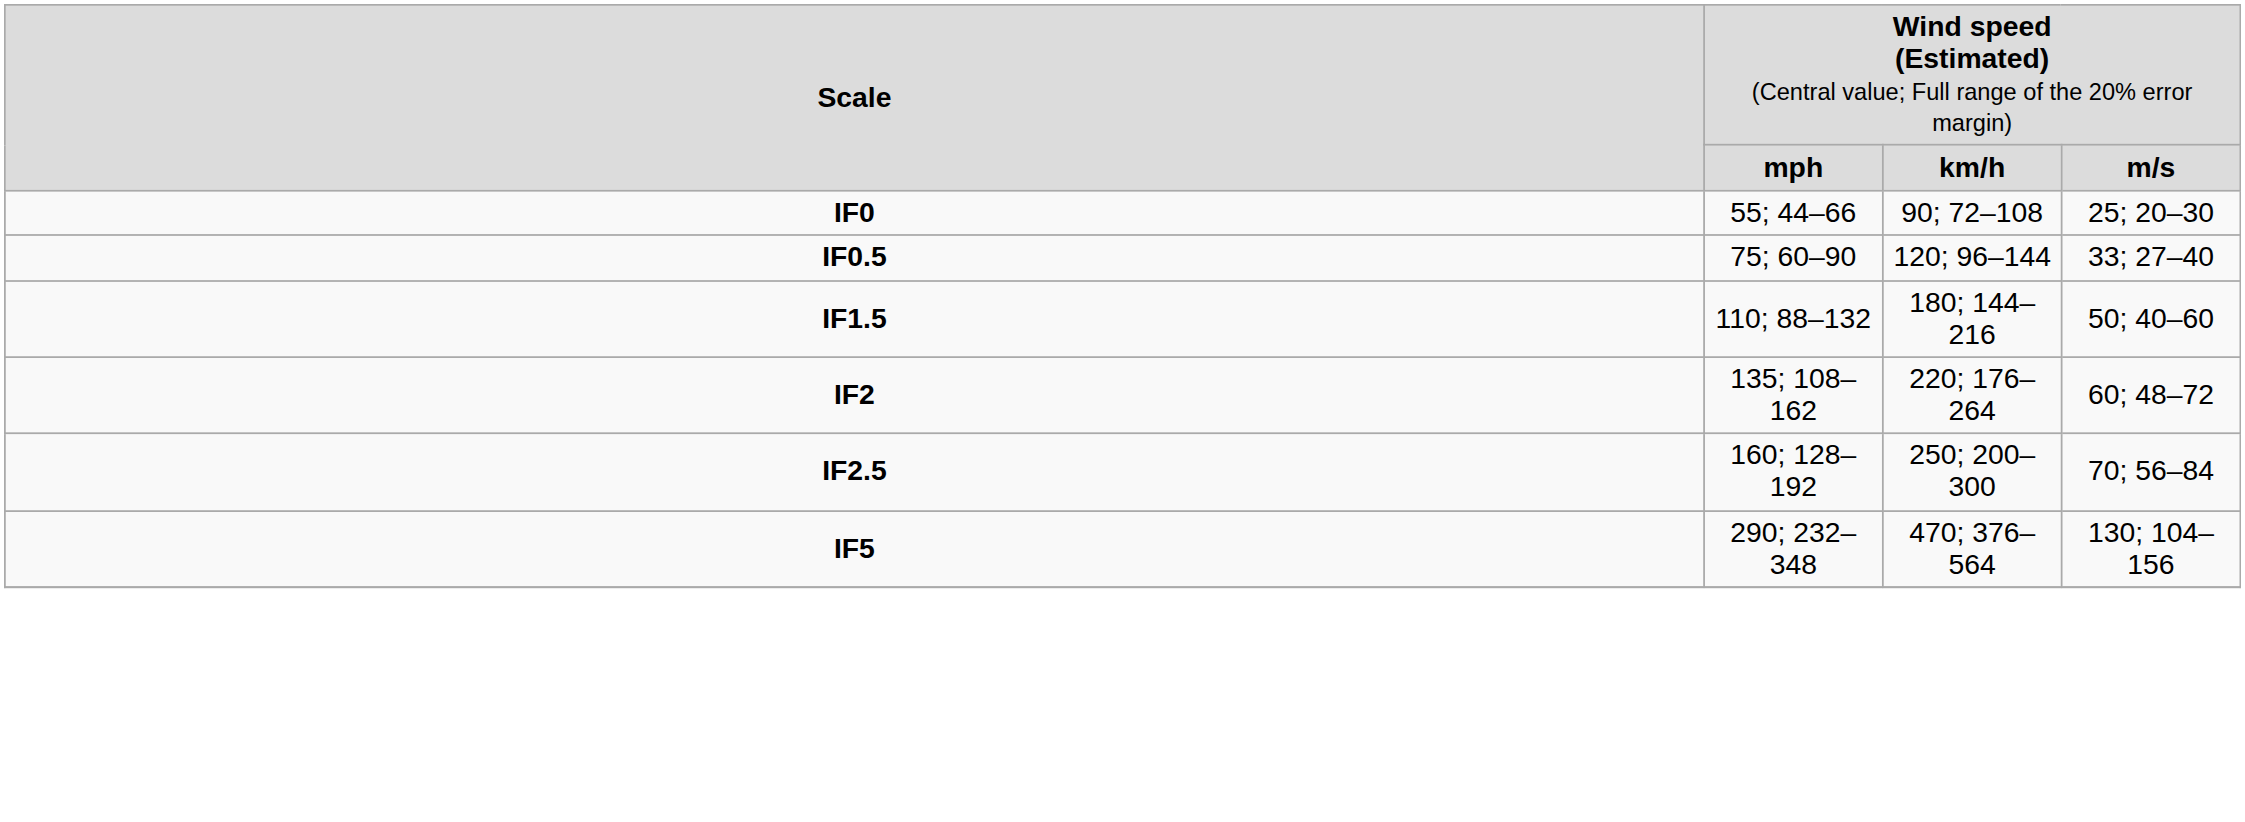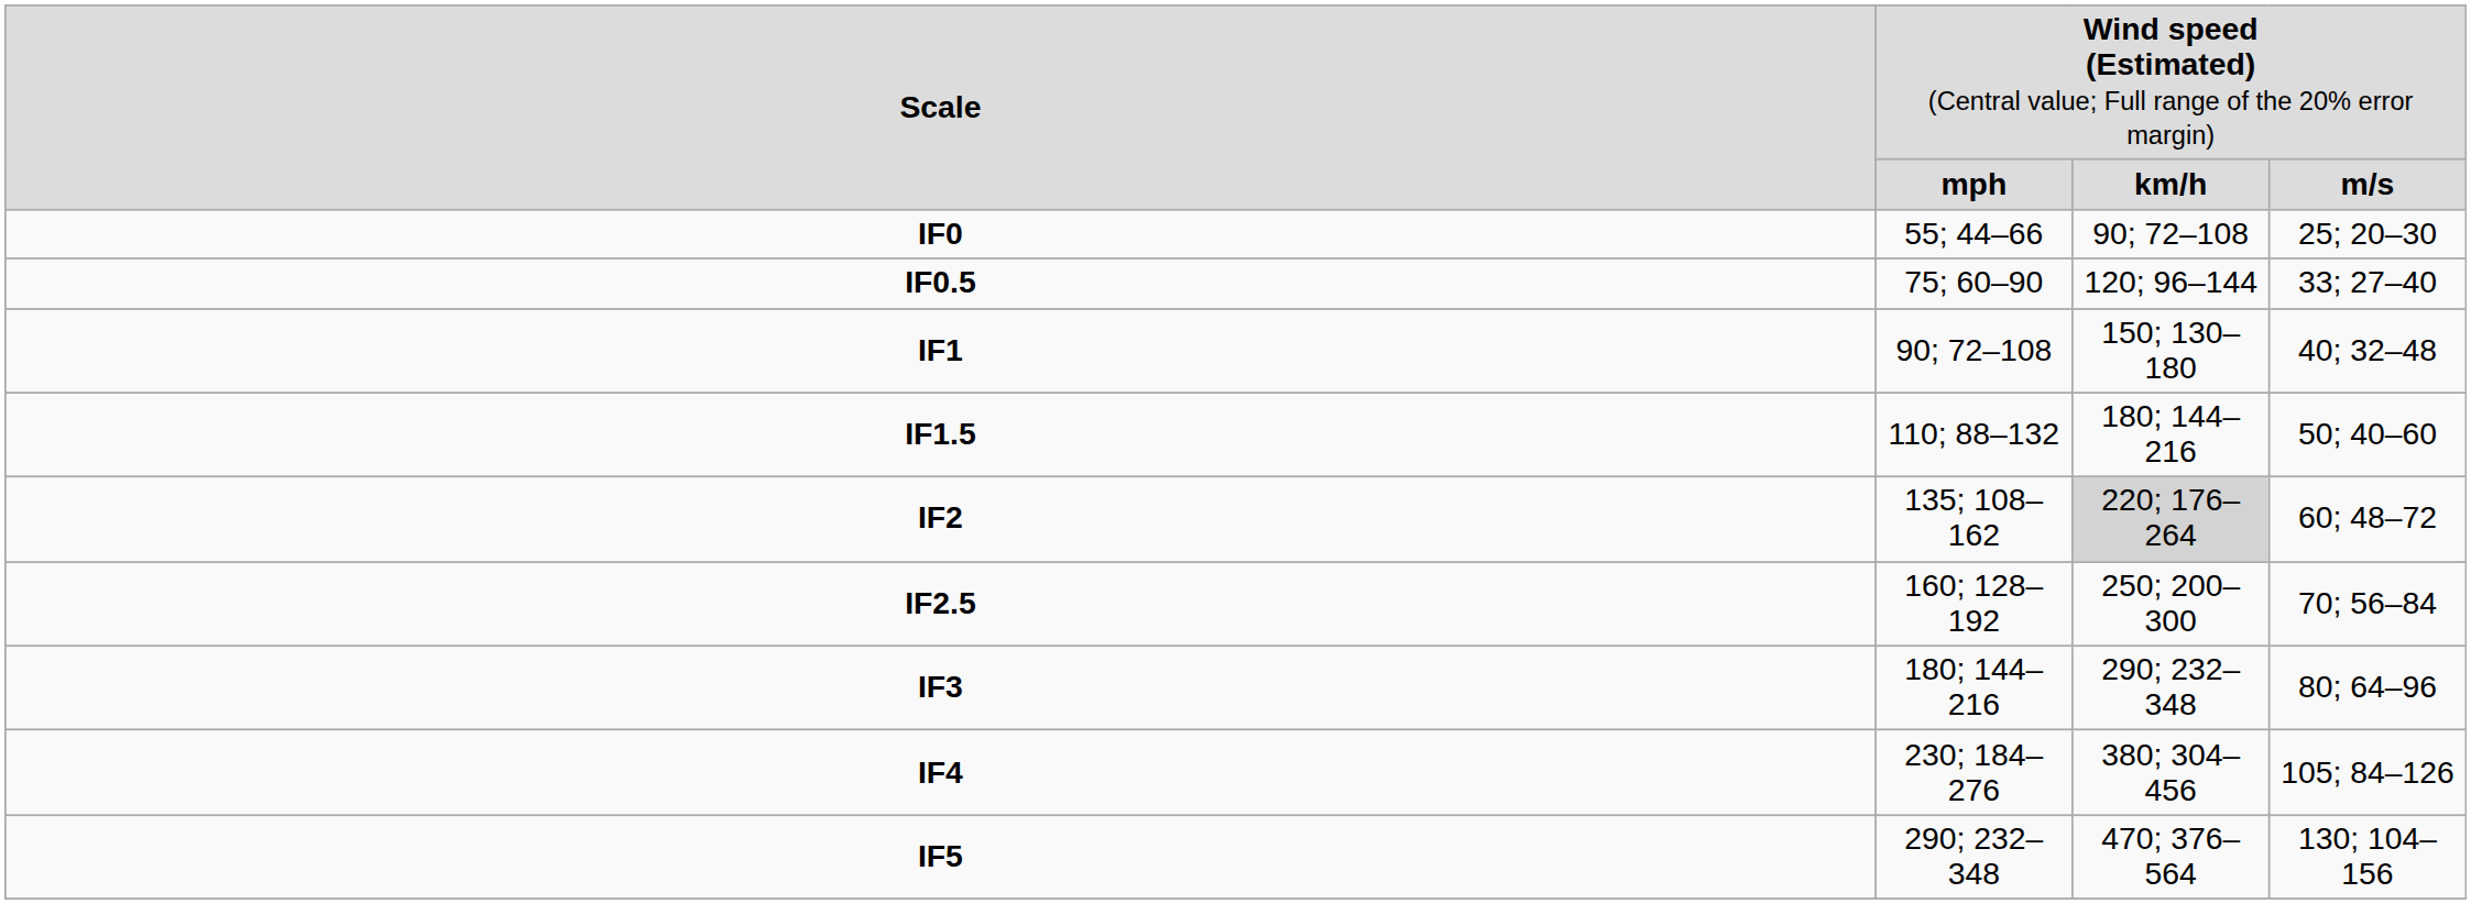 <table class="wikitable" width="100%">
 <tr style="text-align:center; background:gainsboro;">
 <td rowspan="2"><strong>Scale</strong></td>
 <td colspan="3"><strong>Wind speed</strong><br><strong>(Estimated)</strong><br><small>(Central value; Full range of the 20% error margin)</small></td>
 </tr>
 <tr style="text-align:center; background:gainsboro;">
 <td><strong>mph</strong></td>
 <td><strong>km/h</strong></td>
 <td><strong>m/s</strong></td>
 </tr>
 <tr>
 <td align="center"><strong>IF0</strong></td>
 <td style="text-align:center; width:8%;">55; 44–66</td>
 <td style="text-align:center; width:8%;">90; 72–108</td>
 <td style="text-align:center; width:8%;">25; 20–30</td>
 </tr>
 <tr>
 <td align="center"><strong>IF0.5</strong></td>
 <td style="text-align:center; width:8%;">75; 60–90</td>
 <td style="text-align:center; width:8%;">120; 96–144</td>
 <td style="text-align:center; width:8%;">33; 27–40</td>
 </tr>
 <tr>
+<td align="center"><strong>IF1</strong></td>
+<td style="text-align:center; width:8%;">90; 72–108</td>
+<td style="text-align:center; width:8%;">150; 130–180</td>
+<td style="text-align:center; width:8%;">40; 32–48</td>
+</tr>
+<tr>
 <td align="center"><strong>IF1.5</strong></td>
 <td style="text-align:center; width:8%;">110; 88–132</td>
 <td style="text-align:center; width:8%;">180; 144–216</td>
 <td style="text-align:center; width:8%;">50; 40–60</td>
 </tr>
 <tr>
 <td align="center"><strong>IF2</strong></td>
 <td style="text-align:center; width:8%;">135; 108–162</td>
-<td style="text-align:center; width:8%;">220; 176–264</td>
+<td style="background: lightgrey; text-align:center; width:8%;">220; 176–264</td>
 <td style="text-align:center; width:8%;">60; 48–72</td>
 </tr>
 <tr>
 <td align="center"><strong>IF2.5</strong></td>
 <td style="text-align:center; width:8%;">160; 128–192</td>
 <td style="text-align:center; width:8%;">250; 200–300</td>
 <td style="text-align:center; width:8%;">70; 56–84</td>
+</tr>
+<tr>
+<td align="center"><strong>IF3</strong></td>
+<td style="text-align:center; width:8%;">180; 144–216</td>
+<td style="text-align:center; width:8%;">290; 232–348</td>
+<td style="text-align:center; width:8%;">80; 64–96</td>
+</tr>
+<tr>
+<td align="center"><strong>IF4</strong></td>
+<td style="text-align:center; width:8%;">230; 184–276</td>
+<td style="text-align:center; width:8%;">380; 304–456</td>
+<td style="text-align:center; width:8%;">105; 84–126</td>
 </tr>
 <tr>
 <td align="center"><strong>IF5</strong></td>
 <td style="text-align:center; width:8%;">290; 232–348</td>
 <td style="text-align:center; width:8%;">470; 376–564</td>
 <td style="text-align:center; width:8%;">130; 104–156</td>
 </tr>
 <tr>
 </tr>
 </table>
